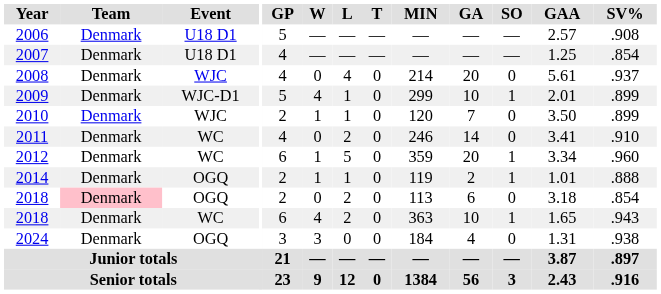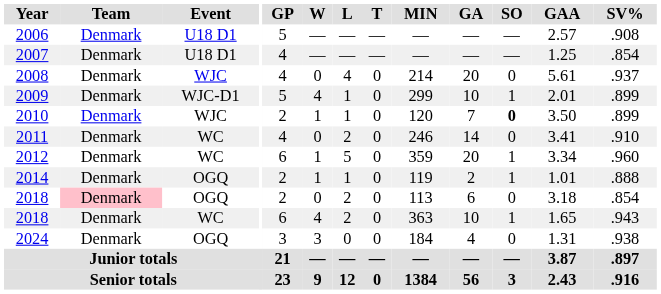 <table border="0" cellpadding="1" cellspacing="0" ID="Table3" style="text-align:center; width:40em">
 <tr ALIGN="center" bgcolor="#e0e0e0">
 <th>Year</th>
 <th>Team</th>
 <th>Event</th>
 <th rowspan="99" bgcolor="#ffffff"></th>
 <th>GP</th>
 <th>W</th>
 <th>L</th>
 <th>T</th>
 <th>MIN</th>
 <th>GA</th>
 <th>SO</th>
 <th>GAA</th>
 <th>SV%</th>
 </tr>
 <tr>
 <td><a href='#'>2006</a></td>
 <td><a href='#'>Denmark</a></td>
 <td><a href='#'>U18 D1</a></td>
 <td>5</td>
 <td>—</td>
 <td>—</td>
 <td>—</td>
 <td>—</td>
 <td>—</td>
 <td>—</td>
 <td>2.57</td>
 <td>.908</td>
 </tr>
 <tr bgcolor=#f0f0f0>
 <td><a href='#'>2007</a></td>
 <td>Denmark</td>
 <td>U18 D1</td>
 <td>4</td>
 <td>—</td>
 <td>—</td>
 <td>—</td>
 <td>—</td>
 <td>—</td>
 <td>—</td>
 <td>1.25</td>
 <td>.854</td>
 </tr>
 <tr>
 <td><a href='#'>2008</a></td>
 <td>Denmark</td>
 <td><a href='#'>WJC</a></td>
 <td>4</td>
 <td>0</td>
 <td>4</td>
 <td>0</td>
 <td>214</td>
 <td>20</td>
 <td>0</td>
 <td>5.61</td>
 <td>.937</td>
 </tr>
 <tr bgcolor=#f0f0f0>
 <td><a href='#'>2009</a></td>
 <td>Denmark</td>
 <td>WJC-D1</td>
 <td>5</td>
 <td>4</td>
 <td>1</td>
 <td>0</td>
 <td>299</td>
 <td>10</td>
 <td>1</td>
 <td>2.01</td>
 <td>.899</td>
 </tr>
 <tr>
 <td><a href='#'>2010</a></td>
 <td><a href='#'>Denmark</a></td>
 <td>WJC</td>
 <td>2</td>
 <td>1</td>
 <td>1</td>
 <td>0</td>
 <td>120</td>
 <td>7</td>
-<td>0</td>
+<td><strong>0</strong></td>
 <td>3.50</td>
 <td>.899</td>
 </tr>
 <tr bgcolor=#f0f0f0>
 <td><a href='#'>2011</a></td>
 <td>Denmark</td>
 <td>WC</td>
 <td>4</td>
 <td>0</td>
 <td>2</td>
 <td>0</td>
 <td>246</td>
 <td>14</td>
 <td>0</td>
 <td>3.41</td>
 <td>.910</td>
 </tr>
 <tr>
 <td><a href='#'>2012</a></td>
 <td>Denmark</td>
 <td>WC</td>
 <td>6</td>
 <td>1</td>
 <td>5</td>
 <td>0</td>
 <td>359</td>
 <td>20</td>
 <td>1</td>
 <td>3.34</td>
 <td>.960</td>
 </tr>
 <tr bgcolor=#f0f0f0>
 <td><a href='#'>2014</a></td>
 <td>Denmark</td>
 <td>OGQ</td>
 <td>2</td>
 <td>1</td>
 <td>1</td>
 <td>0</td>
 <td>119</td>
 <td>2</td>
 <td>1</td>
 <td>1.01</td>
 <td>.888</td>
 </tr>
 <tr>
 <td><a href='#'>2018</a></td>
 <td style="background: pink;">Denmark</td>
 <td>OGQ</td>
 <td>2</td>
 <td>0</td>
 <td>2</td>
 <td>0</td>
 <td>113</td>
 <td>6</td>
 <td>0</td>
 <td>3.18</td>
 <td>.854</td>
 </tr>
 <tr bgcolor=#f0f0f0>
 <td><a href='#'>2018</a></td>
 <td>Denmark</td>
 <td>WC</td>
 <td>6</td>
 <td>4</td>
 <td>2</td>
 <td>0</td>
 <td>363</td>
 <td>10</td>
 <td>1</td>
 <td>1.65</td>
 <td>.943</td>
 </tr>
 <tr>
 <td><a href='#'>2024</a></td>
 <td>Denmark</td>
 <td>OGQ</td>
 <td>3</td>
 <td>3</td>
 <td>0</td>
 <td>0</td>
 <td>184</td>
 <td>4</td>
 <td>0</td>
 <td>1.31</td>
 <td>.938</td>
 </tr>
 <tr bgcolor=#e0e0e0>
 <th colspan="4">Junior totals</th>
 <th>21</th>
 <th>—</th>
 <th>—</th>
 <th>—</th>
 <th>—</th>
 <th>—</th>
 <th>—</th>
 <th>3.87</th>
 <th>.897</th>
 </tr>
 <tr bgcolor=#e0e0e0>
 <th colspan="4">Senior totals</th>
 <th>23</th>
 <th>9</th>
 <th>12</th>
 <th>0</th>
 <th>1384</th>
 <th>56</th>
 <th>3</th>
 <th>2.43</th>
 <th>.916</th>
 </tr>
 </table>
